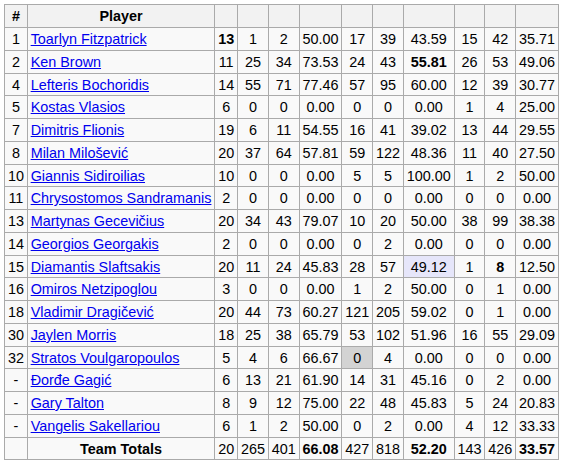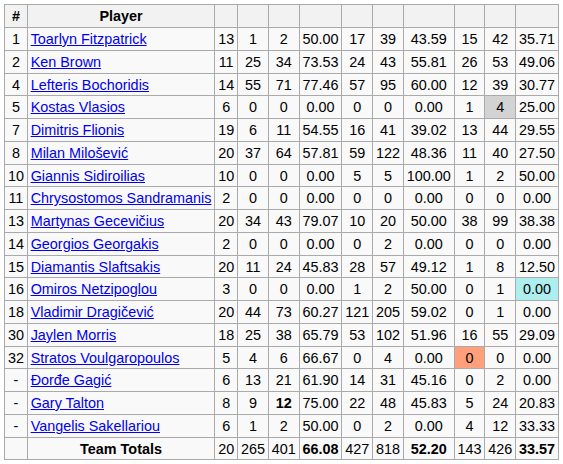 <table class="wikitable sortable" style="font-size:90%; text-align:center;">
 <tr>
 <th>#</th>
 <th>Player</th>
 <th></th>
 <th></th>
 <th></th>
 <th></th>
 <th></th>
 <th></th>
 <th></th>
 <th></th>
 <th></th>
 <th></th>
 </tr>
 <tr>
 <td>1</td>
 <td align="left"> <a href='#'>Toarlyn Fitzpatrick</a></td>
-<td><strong>13</strong></td>
+<td>13</td>
 <td>1</td>
 <td>2</td>
 <td>50.00</td>
 <td>17</td>
 <td>39</td>
 <td>43.59</td>
 <td>15</td>
 <td>42</td>
 <td>35.71</td>
 </tr>
 <tr>
 </tr>
 <tr>
 <td>2</td>
 <td align="left"> <a href='#'>Ken Brown</a></td>
 <td>11</td>
 <td>25</td>
 <td>34</td>
 <td>73.53</td>
 <td>24</td>
 <td>43</td>
-<td><strong>55.81</strong></td>
+<td>55.81</td>
 <td>26</td>
 <td>53</td>
 <td>49.06</td>
 </tr>
 <tr>
 </tr>
 <tr>
 <td>4</td>
 <td align="left"> <a href='#'>Lefteris Bochoridis</a></td>
 <td>14</td>
 <td>55</td>
 <td>71</td>
 <td>77.46</td>
 <td>57</td>
 <td>95</td>
 <td>60.00</td>
 <td>12</td>
 <td>39</td>
 <td>30.77</td>
 </tr>
 <tr>
 </tr>
 <tr>
 <td>5</td>
 <td align="left"> <a href='#'>Kostas Vlasios</a></td>
 <td>6</td>
 <td>0</td>
 <td>0</td>
 <td>0.00</td>
 <td>0</td>
 <td>0</td>
 <td>0.00</td>
 <td>1</td>
-<td>4</td>
+<td style="background: lightgrey;">4</td>
 <td>25.00</td>
 </tr>
 <tr>
 </tr>
 <tr>
 <td>7</td>
 <td align="left"> <a href='#'>Dimitris Flionis</a></td>
 <td>19</td>
 <td>6</td>
 <td>11</td>
 <td>54.55</td>
 <td>16</td>
 <td>41</td>
 <td>39.02</td>
 <td>13</td>
 <td>44</td>
 <td>29.55</td>
 </tr>
 <tr>
 </tr>
 <tr>
 <td>8</td>
 <td align="left"> <a href='#'>Milan Milošević</a></td>
 <td>20</td>
 <td>37</td>
 <td>64</td>
 <td>57.81</td>
 <td>59</td>
 <td>122</td>
 <td>48.36</td>
 <td>11</td>
 <td>40</td>
 <td>27.50</td>
 </tr>
 <tr>
 </tr>
 <tr>
 <td>10</td>
 <td align="left"> <a href='#'>Giannis Sidiroilias</a></td>
 <td>10</td>
 <td>0</td>
 <td>0</td>
 <td>0.00</td>
 <td>5</td>
 <td>5</td>
 <td>100.00</td>
 <td>1</td>
 <td>2</td>
 <td>50.00</td>
 </tr>
 <tr>
 </tr>
 <tr>
 <td>11</td>
 <td align="left"> <a href='#'>Chrysostomos Sandramanis</a></td>
 <td>2</td>
 <td>0</td>
 <td>0</td>
 <td>0.00</td>
 <td>0</td>
 <td>0</td>
 <td>0.00</td>
 <td>0</td>
 <td>0</td>
 <td>0.00</td>
 </tr>
 <tr>
 </tr>
 <tr>
 <td>13</td>
 <td align="left"> <a href='#'>Martynas Gecevičius</a></td>
 <td>20</td>
 <td>34</td>
 <td>43</td>
 <td>79.07</td>
 <td>10</td>
 <td>20</td>
 <td>50.00</td>
 <td>38</td>
 <td>99</td>
 <td>38.38</td>
 </tr>
 <tr>
 </tr>
 <tr>
 <td>14</td>
 <td align="left"> <a href='#'>Georgios Georgakis</a></td>
 <td>2</td>
 <td>0</td>
 <td>0</td>
 <td>0.00</td>
 <td>0</td>
 <td>2</td>
 <td>0.00</td>
 <td>0</td>
 <td>0</td>
 <td>0.00</td>
 </tr>
 <tr>
 </tr>
 <tr>
 <td>15</td>
 <td align="left"> <a href='#'>Diamantis Slaftsakis</a></td>
 <td>20</td>
 <td>11</td>
 <td>24</td>
 <td>45.83</td>
 <td>28</td>
 <td>57</td>
-<td style="background: lavender;">49.12</td>
+<td>49.12</td>
 <td>1</td>
-<td><strong>8</strong></td>
+<td>8</td>
 <td>12.50</td>
 </tr>
 <tr>
 </tr>
 <tr>
 <td>16</td>
 <td align="left"> <a href='#'>Omiros Netzipoglou</a></td>
 <td>3</td>
 <td>0</td>
 <td>0</td>
 <td>0.00</td>
 <td>1</td>
 <td>2</td>
 <td>50.00</td>
 <td>0</td>
 <td>1</td>
-<td>0.00</td>
+<td style="background: paleturquoise;">0.00</td>
 </tr>
 <tr>
 </tr>
 <tr>
 <td>18</td>
 <td align="left"> <a href='#'>Vladimir Dragičević</a></td>
 <td>20</td>
 <td>44</td>
 <td>73</td>
 <td>60.27</td>
 <td>121</td>
 <td>205</td>
 <td>59.02</td>
 <td>0</td>
 <td>1</td>
 <td>0.00</td>
 </tr>
 <tr>
 </tr>
 <tr>
 <td>30</td>
 <td align="left"> <a href='#'>Jaylen Morris</a></td>
 <td>18</td>
 <td>25</td>
 <td>38</td>
 <td>65.79</td>
 <td>53</td>
 <td>102</td>
 <td>51.96</td>
 <td>16</td>
 <td>55</td>
 <td>29.09</td>
 </tr>
 <tr>
 </tr>
 <tr>
 <td>32</td>
 <td align="left"> <a href='#'>Stratos Voulgaropoulos</a></td>
 <td>5</td>
 <td>4</td>
 <td>6</td>
 <td>66.67</td>
-<td style="background: lightgrey;">0</td>
+<td>0</td>
 <td>4</td>
 <td>0.00</td>
-<td>0</td>
+<td style="background: lightsalmon;">0</td>
 <td>0</td>
 <td>0.00</td>
 </tr>
 <tr>
 </tr>
 <tr>
 <td>-</td>
 <td align="left"> <a href='#'>Đorđe Gagić</a></td>
 <td>6</td>
 <td>13</td>
 <td>21</td>
 <td>61.90</td>
 <td>14</td>
 <td>31</td>
 <td>45.16</td>
 <td>0</td>
 <td>2</td>
 <td>0.00</td>
 </tr>
 <tr>
 </tr>
 <tr>
 <td>-</td>
 <td align="left"> <a href='#'>Gary Talton</a></td>
 <td>8</td>
 <td>9</td>
-<td>12</td>
+<td><strong>12</strong></td>
 <td>75.00</td>
 <td>22</td>
 <td>48</td>
 <td>45.83</td>
 <td>5</td>
 <td>24</td>
 <td>20.83</td>
 </tr>
 <tr>
 </tr>
 <tr>
 <td>-</td>
 <td align="left"> <a href='#'>Vangelis Sakellariou</a></td>
 <td>6</td>
 <td>1</td>
 <td>2</td>
 <td>50.00</td>
 <td>0</td>
 <td>2</td>
 <td>0.00</td>
 <td>4</td>
 <td>12</td>
 <td>33.33</td>
 </tr>
 <tr>
 </tr>
 <tr>
 <td></td>
 <td><strong>Team Totals</strong></td>
 <td>20</td>
 <td>265</td>
 <td>401</td>
 <td><strong>66.08</strong></td>
 <td>427</td>
 <td>818</td>
 <td><strong>52.20</strong></td>
 <td>143</td>
 <td>426</td>
 <td><strong>33.57</strong></td>
 </tr>
 <tr>
 </tr>
 </table>
